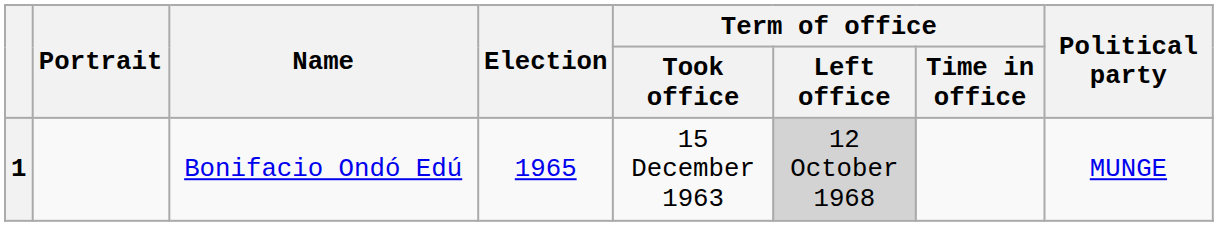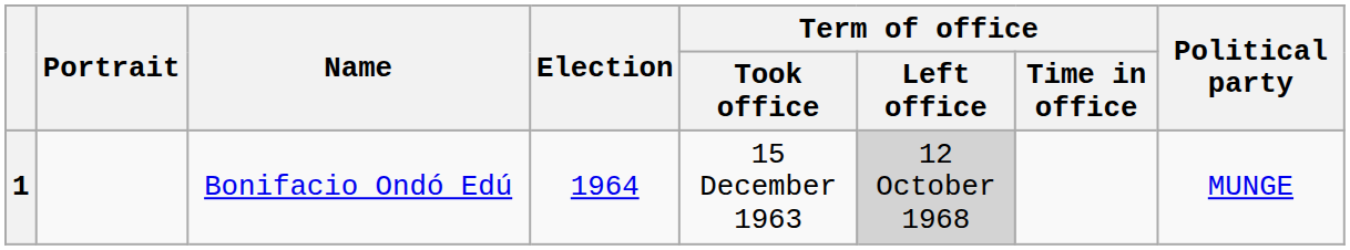 <table class="wikitable" style="text-align:center">
 <tr>
 <th rowspan="2"></th>
 <th rowspan="2">Portrait</th>
 <th rowspan="2" width="150">Name<br></th>
 <th rowspan="2">Election</th>
 <th colspan="3">Term of office</th>
 <th rowspan="2">Political party</th>
 </tr>
 <tr>
 <th>Took office</th>
 <th>Left office</th>
 <th>Time in office</th>
 </tr>
 <tr>
 <th style="background-color:">1</th>
 <td></td>
 <td><a href='#'>Bonifacio Ondó Edú</a><br></td>
-<td><a href='#'>1965</a></td>
+<td><a href='#'>1964</a></td>
 <td>15 December 1963</td>
 <td style="background: lightgrey;">12 October 1968</td>
 <td></td>
 <td><a href='#'>MUNGE</a></td>
 </tr>
 </table>
